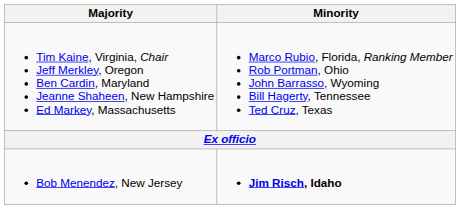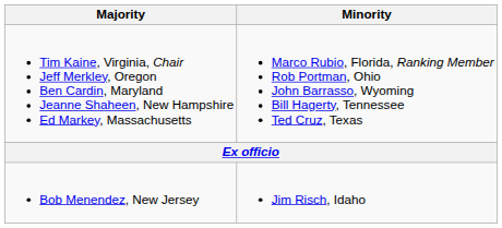 <table class=wikitable>
 <tr>
 <th>Majority</th>
 <th>Minority</th>
 </tr>
 <tr>
 <td><br><ul><li><a href='#'>Tim Kaine</a>, Virginia, <em>Chair</em></li><li><a href='#'>Jeff Merkley</a>, Oregon</li><li><a href='#'>Ben Cardin</a>, Maryland</li><li><a href='#'>Jeanne Shaheen</a>, New Hampshire</li><li><a href='#'>Ed Markey</a>, Massachusetts</li></ul></td>
 <td><br><ul><li><a href='#'>Marco Rubio</a>, Florida, <em>Ranking Member</em></li><li><a href='#'>Rob Portman</a>, Ohio</li><li><a href='#'>John Barrasso</a>, Wyoming</li><li><a href='#'>Bill Hagerty</a>, Tennessee</li><li><a href='#'>Ted Cruz</a>, Texas</li></ul></td>
 </tr>
 <tr>
 <th colspan=2><em><a href='#'>Ex officio</a></em></th>
 </tr>
 <tr>
 <td><br><ul><li><a href='#'>Bob Menendez</a>, New Jersey</li></ul></td>
-<td><strong><br><ul><li><a href='#'>Jim Risch</a>, Idaho</li></ul></strong></td>
+<td><br><ul><li><a href='#'>Jim Risch</a>, Idaho</li></ul></td>
 </tr>
 </table>
